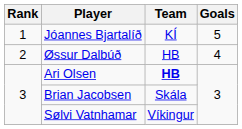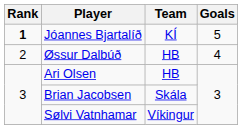 <table class="wikitable" style="text-align:center;">
 <tr>
 <th>Rank</th>
 <th>Player</th>
 <th>Team</th>
 <th>Goals</th>
 </tr>
 <tr>
-<td>1</td>
+<td><strong>1</strong></td>
 <td align=left> <a href='#'>Jóannes Bjartalíð</a></td>
 <td><a href='#'>KÍ</a></td>
 <td>5</td>
 </tr>
 <tr>
 <td>2</td>
 <td align=left> <a href='#'>Øssur Dalbúð</a></td>
 <td><a href='#'>HB</a></td>
 <td>4</td>
 </tr>
 <tr>
 <td rowspan=3>3</td>
 <td align=left> <a href='#'>Ari Olsen</a></td>
-<td><strong><a href='#'>HB</a></strong></td>
+<td><a href='#'>HB</a></td>
 <td rowspan=3>3</td>
 </tr>
 <tr>
 <td align=left> <a href='#'>Brian Jacobsen</a></td>
 <td><a href='#'>Skála</a></td>
 </tr>
 <tr>
 <td align=left> <a href='#'>Sølvi Vatnhamar</a></td>
 <td><a href='#'>Víkingur</a></td>
 </tr>
 </table>
